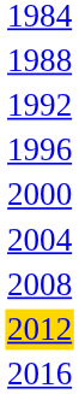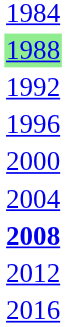 <table>
 <tr>
 <td><a href='#'>1984</a></td>
 <td></td>
 <td></td>
 <td></td>
 </tr>
 <tr>
-<td><a href='#'>1988</a></td>
+<td style="background: lightgreen;"><a href='#'>1988</a></td>
 <td></td>
 <td></td>
 <td></td>
 </tr>
 <tr>
 <td><a href='#'>1992</a></td>
 <td></td>
 <td></td>
 <td></td>
 </tr>
 <tr>
 <td><a href='#'>1996</a></td>
 <td></td>
 <td></td>
 <td></td>
 </tr>
 <tr>
 <td><a href='#'>2000</a></td>
 <td></td>
 <td></td>
 <td></td>
 </tr>
 <tr>
 <td><a href='#'>2004</a></td>
 <td></td>
 <td></td>
 <td></td>
 </tr>
 <tr>
-<td><a href='#'>2008</a></td>
+<td><strong><a href='#'>2008</a></strong></td>
 <td></td>
 <td></td>
 <td></td>
 </tr>
 <tr>
-<td style="background: gold;"><a href='#'>2012</a></td>
+<td><a href='#'>2012</a></td>
 <td></td>
 <td></td>
 <td></td>
 </tr>
 <tr>
 <td><a href='#'>2016</a></td>
 <td></td>
 <td></td>
 <td></td>
 </tr>
 </table>
